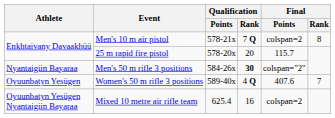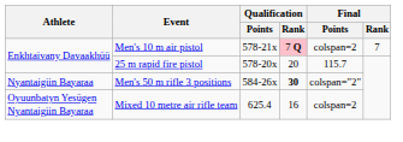 <table class="wikitable" style="font-size:90%">
 <tr>
 <th rowspan="2">Athlete</th>
 <th rowspan="2">Event</th>
 <th colspan=2>Qualification</th>
 <th colspan=2>Final</th>
 </tr>
 <tr style="font-size:95%">
 <th>Points</th>
 <th>Rank</th>
 <th>Points</th>
 <th>Rank</th>
 </tr>
 <tr align=center>
 <td align=left rowspan=2><a href='#'>Enkhtaivany Davaakhüü</a></td>
 <td align=left><a href='#'>Men's 10 m air pistol</a></td>
 <td>578-21x</td>
-<td>7 <strong>Q</strong></td>
+<td style="background: pink;">7 <strong>Q</strong></td>
 <td>colspan=2</td>
-<td>8</td>
+<td>7</td>
 </tr>
 <tr align=center>
 <td align=left><a href='#'>25 m rapid fire pistol</a></td>
 <td>578-20x</td>
 <td>20</td>
 <td>115.7</td>
 </tr>
 <tr align=center>
 <td align=left><a href='#'>Nyantaigiin Bayaraa</a></td>
 <td align=left><a href='#'>Men's 50 m rifle 3 positions</a></td>
 <td>584-26x</td>
 <td><strong>30</strong></td>
 <td>colspan="2"</td>
 </tr>
 <tr align=center>
-<td align=left><a href='#'>Oyuunbatyn Yesügen</a></td>
-<td align=left><a href='#'>Women's 50 m rifle 3 positions</a></td>
-<td>589-40x</td>
-<td>4 <strong>Q</strong></td>
-<td>407.6</td>
-<td>7</td>
-</tr>
-<tr align=center>
 <td align=left><a href='#'>Oyuunbatyn Yesügen</a><br><a href='#'>Nyantaigiin Bayaraa</a></td>
 <td align=left><a href='#'>Mixed 10 metre air rifle team</a></td>
 <td>625.4</td>
 <td>16</td>
 <td>colspan=2</td>
 </tr>
 </table>
